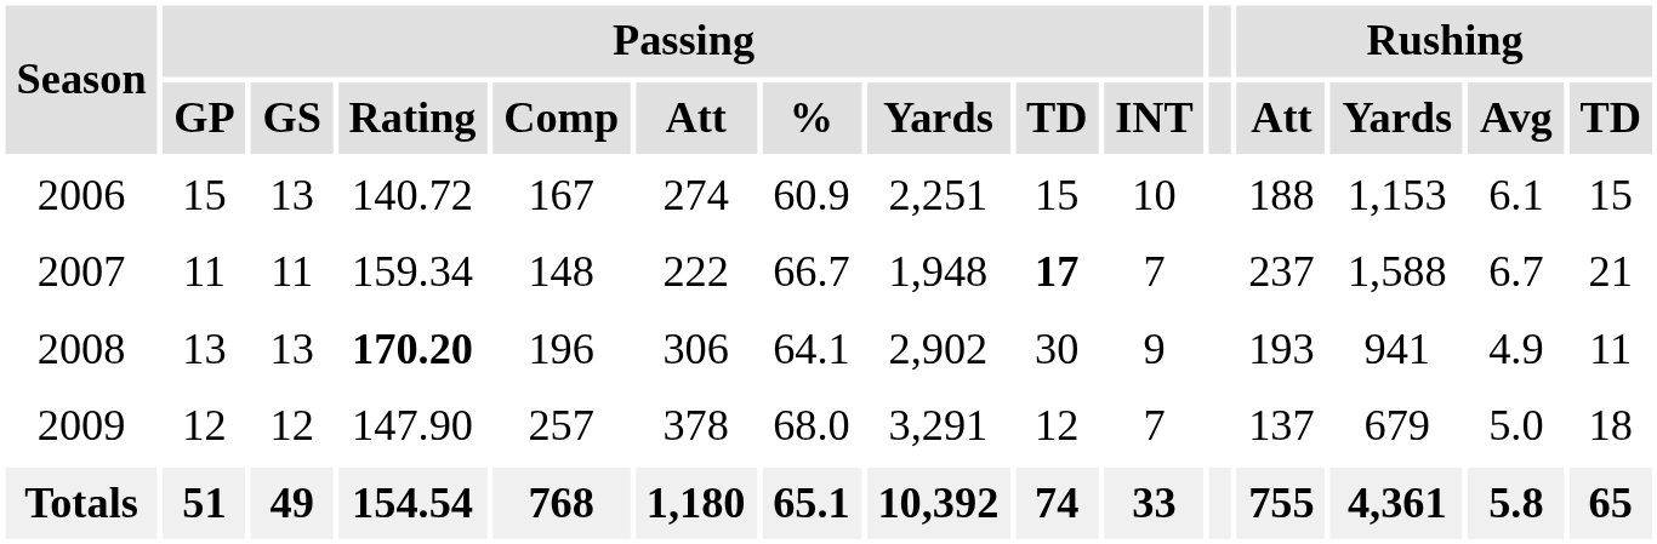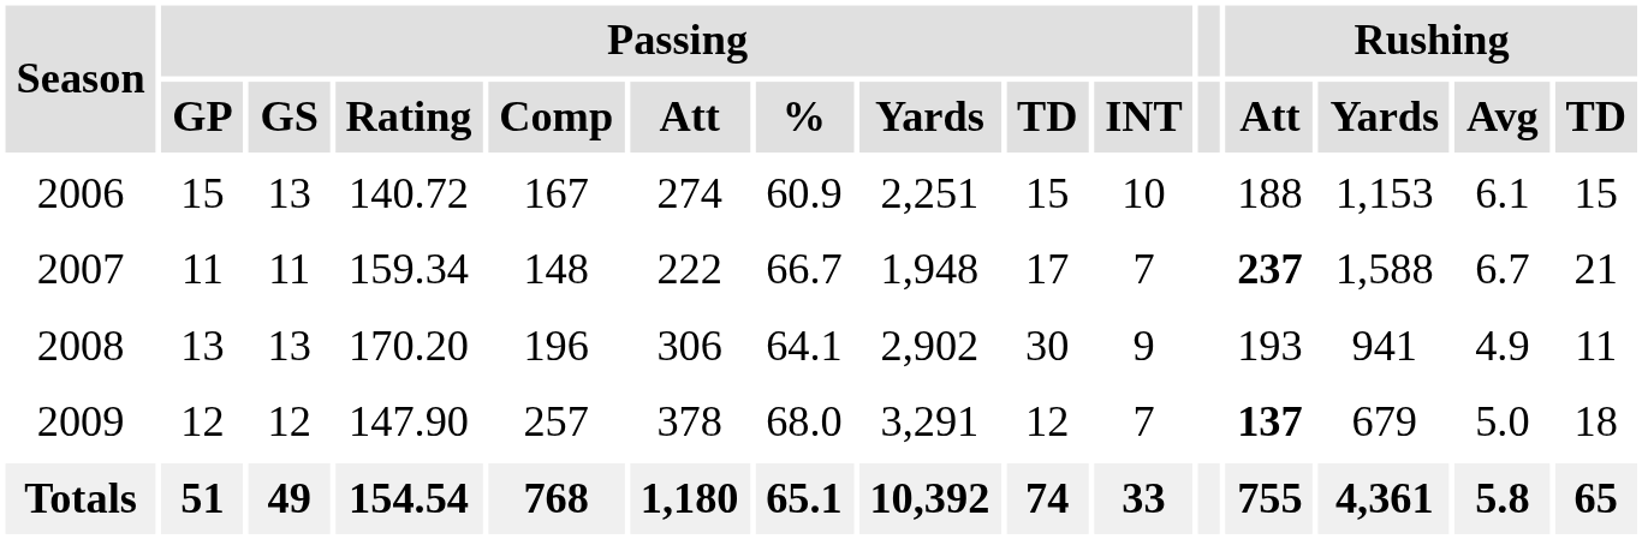 <table border=0 cellspacing=2 cellpadding=4 style="text-align:center;">
 <tr style="background-color: #E0E0E0;">
 <th rowspan=2>Season</th>
 <th colspan=9 align=center>Passing</th>
 <th></th>
 <th colspan=5 align=center>Rushing</th>
 </tr>
 <tr style="background-color: #E0E0E0;">
 <th>GP</th>
 <th>GS</th>
 <th>Rating</th>
 <th>Comp</th>
 <th>Att</th>
 <th>%</th>
 <th>Yards</th>
 <th>TD</th>
 <th>INT</th>
 <th></th>
 <th>Att</th>
 <th>Yards</th>
 <th>Avg</th>
 <th>TD</th>
 </tr>
 <tr style="background-color: #ffffff;" align="center">
 <td>2006</td>
 <td>15</td>
 <td>13</td>
 <td>140.72</td>
 <td>167</td>
 <td>274</td>
 <td>60.9</td>
 <td>2,251</td>
 <td>15</td>
 <td>10</td>
 <td></td>
 <td>188</td>
 <td>1,153</td>
 <td>6.1</td>
 <td>15</td>
 </tr>
 <tr style="background-color: #ffffff" align="center">
 <td>2007</td>
 <td>11</td>
 <td>11</td>
 <td>159.34</td>
 <td>148</td>
 <td>222</td>
 <td>66.7</td>
 <td>1,948</td>
-<td><strong>17</strong></td>
+<td>17</td>
 <td>7</td>
 <td></td>
-<td>237</td>
+<td><strong>237</strong></td>
 <td>1,588</td>
 <td>6.7</td>
 <td>21</td>
 </tr>
 <tr style="background-color: #ffffff;" align="center">
 <td>2008</td>
 <td>13</td>
 <td>13</td>
-<td><strong>170.20</strong></td>
+<td>170.20</td>
 <td>196</td>
 <td>306</td>
 <td>64.1</td>
 <td>2,902</td>
 <td>30</td>
 <td>9</td>
 <td></td>
 <td>193</td>
 <td>941</td>
 <td>4.9</td>
 <td>11</td>
 </tr>
 <tr style="background-color: #ffffff;" align="center">
 <td>2009</td>
 <td>12</td>
 <td>12</td>
 <td>147.90</td>
 <td>257</td>
 <td>378</td>
 <td>68.0</td>
 <td>3,291</td>
 <td>12</td>
 <td>7</td>
 <td></td>
-<td>137</td>
+<td><strong>137</strong></td>
 <td>679</td>
 <td>5.0</td>
 <td>18</td>
 </tr>
 <tr valign=top style="font-weight:bold; background-color: #F0F0F0;" align="center">
 <td>Totals</td>
 <td>51</td>
 <td>49</td>
 <td>154.54</td>
 <td>768</td>
 <td>1,180</td>
 <td>65.1</td>
 <td>10,392</td>
 <td>74</td>
 <td>33</td>
 <td></td>
 <td>755</td>
 <td>4,361</td>
 <td>5.8</td>
 <td>65</td>
 </tr>
 </table>
